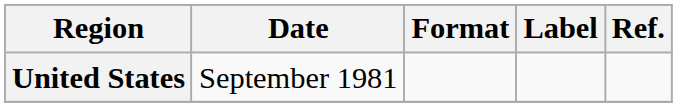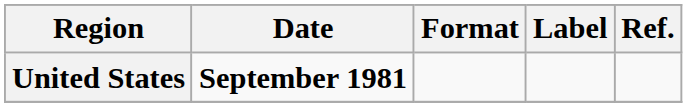 <table class="wikitable plainrowheaders">
 <tr>
 <th scope="col">Region</th>
 <th scope="col">Date</th>
 <th scope="col">Format</th>
 <th scope="col">Label</th>
 <th scope="col">Ref.</th>
 </tr>
 <tr>
 <th scope="row">United States</th>
-<td>September 1981</td>
+<td><strong>September 1981</strong></td>
 <td></td>
 <td></td>
 <td></td>
 </tr>
 <tr>
 </tr>
 </table>
